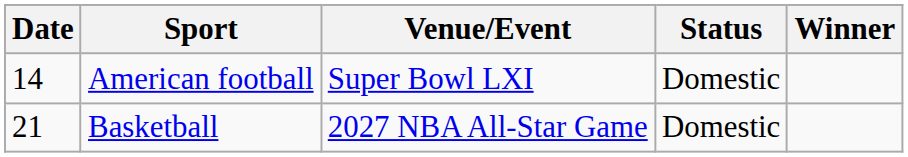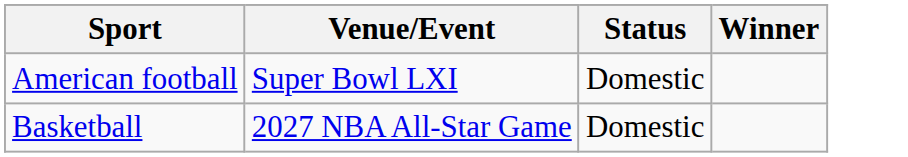 <table class="wikitable source'">
 <tr>
-<th>Date</th>
 <th>Sport</th>
 <th>Venue/Event</th>
 <th>Status</th>
 <th>Winner</th>
 </tr>
 <tr>
-<td>14</td>
 <td><a href='#'>American football</a></td>
 <td> <a href='#'>Super Bowl LXI</a></td>
 <td>Domestic</td>
 <td></td>
 </tr>
 <tr>
-<td>21</td>
 <td><a href='#'>Basketball</a></td>
 <td> <a href='#'>2027 NBA All-Star Game</a></td>
 <td>Domestic</td>
 <td></td>
 </tr>
 </table>
